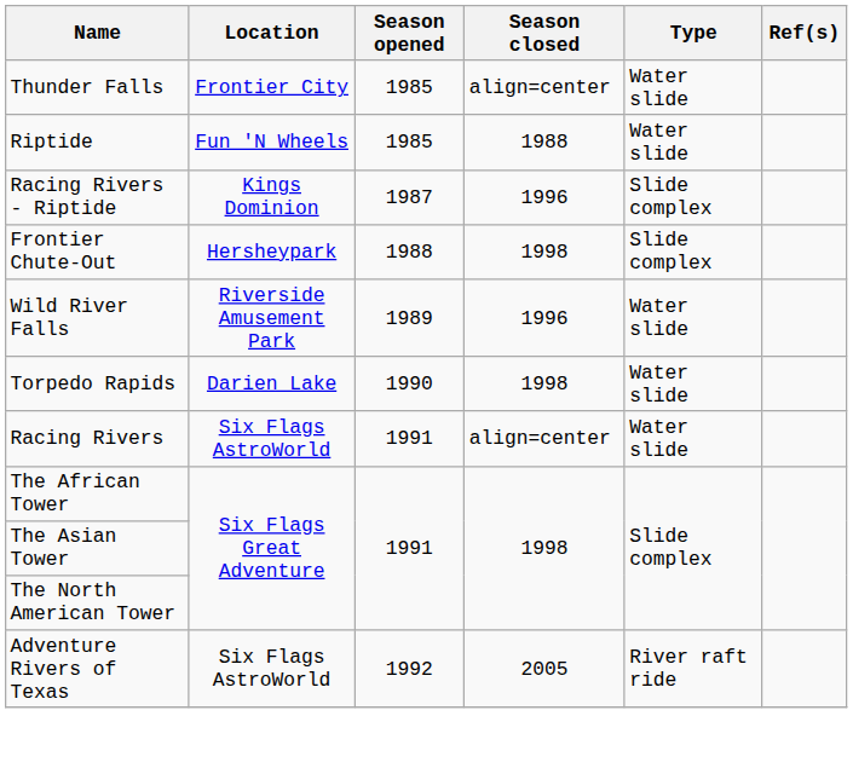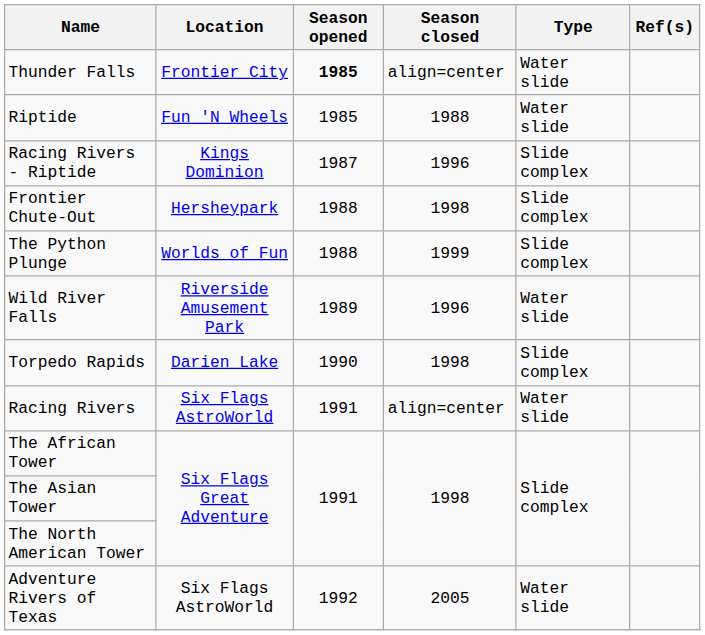 <table class="wikitable" border="1" width=63%>
 <tr>
 <th width=20%>Name</th>
 <th width=18%>Location</th>
 <th width=12%>Season opened</th>
 <th width=12%>Season closed</th>
 <th width=15%>Type</th>
 <th width=5% class="unsortable">Ref(s)</th>
 </tr>
 <tr>
 <td>Thunder Falls</td>
 <td align=center><a href='#'>Frontier City</a></td>
-<td align=center>1985</td>
+<td align=center><strong>1985</strong></td>
 <td>align=center </td>
 <td>Water slide</td>
 <td align=center></td>
 </tr>
 <tr>
 <td>Riptide</td>
 <td align=center><a href='#'>Fun 'N Wheels</a></td>
 <td align=center>1985</td>
 <td align=center>1988</td>
 <td>Water slide</td>
 <td align=center></td>
 </tr>
 <tr>
 <td>Racing Rivers - Riptide</td>
 <td align=center><a href='#'>Kings Dominion</a></td>
 <td align=center>1987</td>
 <td align=center>1996</td>
 <td>Slide complex</td>
 <td align=center></td>
 </tr>
 <tr>
 <td>Frontier Chute-Out</td>
 <td align=center><a href='#'>Hersheypark</a></td>
 <td align=center>1988</td>
 <td align=center>1998</td>
 <td>Slide complex</td>
 <td align=center></td>
 </tr>
 <tr>
+<td>The Python Plunge</td>
+<td align=center><a href='#'>Worlds of Fun</a></td>
+<td align=center>1988</td>
+<td align=center>1999</td>
+<td>Slide complex</td>
+<td align=center></td>
+</tr>
+<tr>
 <td>Wild River Falls</td>
 <td align=center><a href='#'>Riverside Amusement Park</a></td>
 <td align=center>1989</td>
 <td align=center>1996</td>
 <td>Water slide</td>
 <td align=center></td>
 </tr>
 <tr>
 <td>Torpedo Rapids</td>
 <td align=center><a href='#'>Darien Lake</a></td>
 <td align=center>1990</td>
 <td align=center>1998</td>
-<td>Water slide</td>
+<td>Slide complex</td>
 <td align=center></td>
 </tr>
 <tr>
 <td>Racing Rivers</td>
 <td align=center><a href='#'>Six Flags AstroWorld</a></td>
 <td align=center>1991</td>
 <td>align=center </td>
 <td>Water slide</td>
 <td align=center></td>
 </tr>
 <tr>
 <td>The African Tower</td>
 <td rowspan=3 align=center><a href='#'>Six Flags Great Adventure</a></td>
 <td rowspan=3 align=center>1991</td>
 <td rowspan=3 align=center>1998</td>
 <td rowspan=3>Slide complex</td>
 <td rowspan=3 align=center></td>
 </tr>
 <tr>
 <td>The Asian Tower</td>
 </tr>
 <tr>
 <td>The North American Tower</td>
 </tr>
 <tr>
 <td>Adventure Rivers of Texas</td>
 <td align=center>Six Flags AstroWorld</td>
 <td align=center>1992</td>
 <td align=center>2005</td>
-<td>River raft ride</td>
+<td>Water slide</td>
 <td align=center></td>
 </tr>
 <tr>
 </tr>
 </table>
